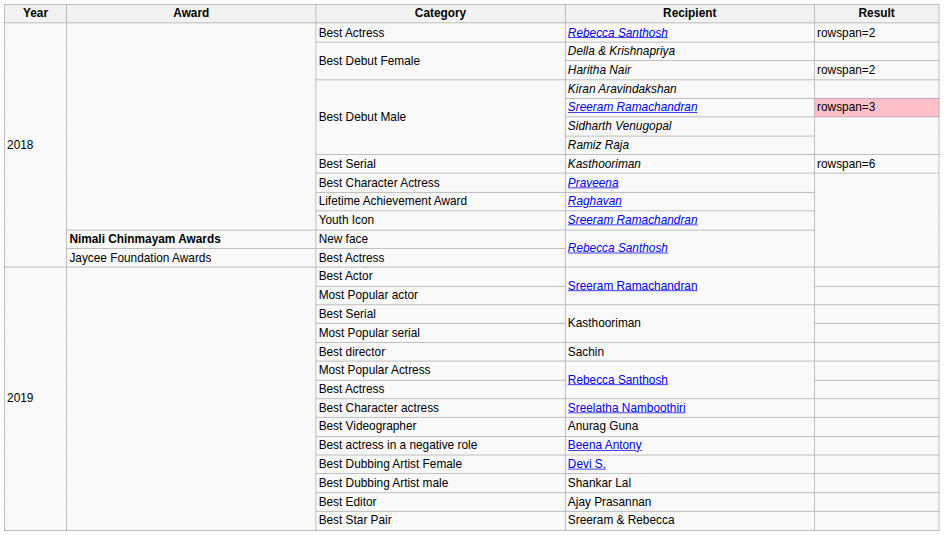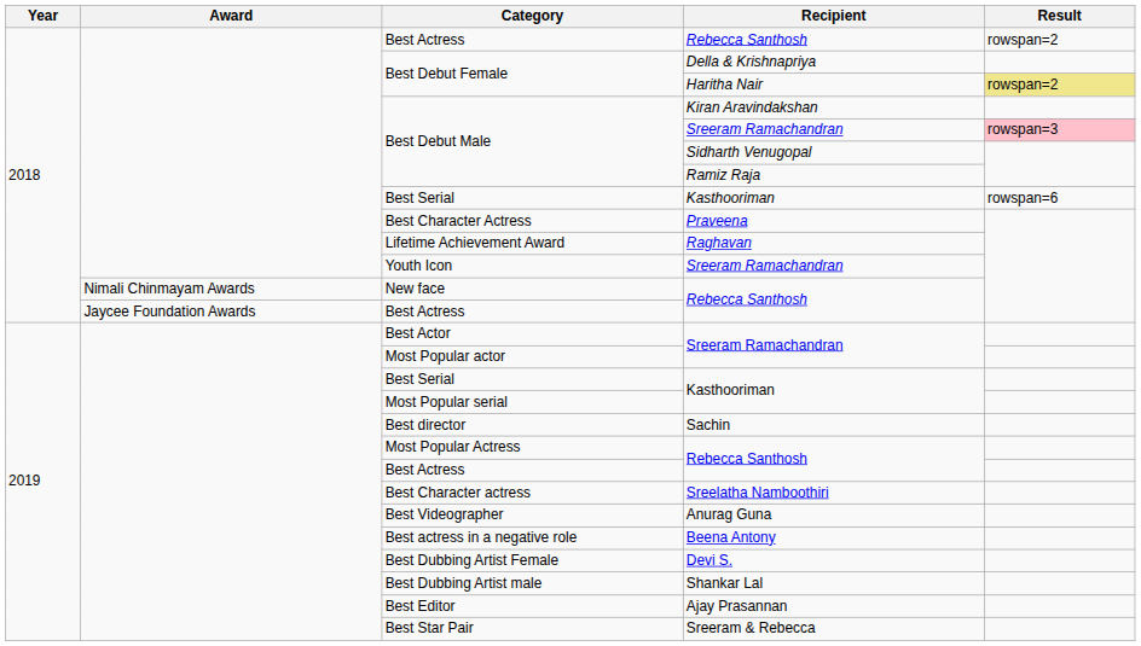 <table class="wikitable" width=100%>
 <tr>
 <th width=5%>Year</th>
 <th width=20%>Award</th>
 <th width=20%>Category</th>
 <th width=20%>Recipient</th>
 <th width=10%>Result</th>
 </tr>
 <tr>
 <td rowspan="13">2018</td>
 <td rowspan="11"></td>
 <td>Best Actress</td>
 <td><em><a href='#'>Rebecca Santhosh</a></em></td>
 <td>rowspan=2 </td>
 </tr>
 <tr>
 <td rowspan="2">Best Debut Female</td>
 <td><em>Della & Krishnapriya</em></td>
 </tr>
 <tr>
 <td><em>Haritha Nair</em></td>
-<td>rowspan=2 </td>
+<td style="background: khaki;">rowspan=2 </td>
 </tr>
 <tr>
 <td rowspan=4>Best Debut Male</td>
 <td><em>Kiran Aravindakshan</em></td>
 </tr>
 <tr>
 <td><em><a href='#'>Sreeram Ramachandran</a></em></td>
 <td style="background: pink;">rowspan=3 </td>
 </tr>
 <tr>
 <td><em>Sidharth Venugopal</em></td>
 </tr>
 <tr>
 <td><em>Ramiz Raja</em></td>
 </tr>
 <tr>
 <td>Best Serial</td>
 <td><em>Kasthooriman</em></td>
 <td>rowspan=6 </td>
 </tr>
 <tr>
 <td>Best Character Actress</td>
 <td><em><a href='#'>Praveena</a></em></td>
 </tr>
 <tr>
 <td>Lifetime Achievement Award</td>
 <td><em><a href='#'>Raghavan</a></em></td>
 </tr>
 <tr>
 <td>Youth Icon</td>
 <td><em><a href='#'>Sreeram Ramachandran</a></em></td>
 </tr>
 <tr>
-<td><strong>Nimali Chinmayam Awards</strong></td>
+<td>Nimali Chinmayam Awards</td>
 <td>New face</td>
 <td rowspan=2><em><a href='#'>Rebecca Santhosh</a></em></td>
 </tr>
 <tr>
 <td>Jaycee Foundation Awards</td>
 <td>Best Actress</td>
 </tr>
 <tr>
 <td rowspan="16">2019</td>
 <td rowspan="14"></td>
 <td>Best Actor</td>
 <td rowspan=2><a href='#'>Sreeram Ramachandran</a></td>
 <td></td>
 </tr>
 <tr>
 <td>Most Popular actor</td>
 <td></td>
 </tr>
 <tr>
 <td>Best Serial</td>
 <td rowspan=2>Kasthooriman</td>
 <td></td>
 </tr>
 <tr>
 <td>Most Popular serial</td>
 <td></td>
 </tr>
 <tr>
 <td>Best director</td>
 <td>Sachin</td>
 <td></td>
 </tr>
 <tr>
 <td>Most Popular Actress</td>
 <td rowspan=2><a href='#'>Rebecca Santhosh</a></td>
 <td></td>
 </tr>
 <tr>
 <td>Best Actress</td>
 <td></td>
 </tr>
 <tr>
 <td>Best Character actress</td>
 <td><a href='#'>Sreelatha Namboothiri</a></td>
 <td></td>
 </tr>
 <tr>
 <td>Best Videographer</td>
 <td>Anurag Guna</td>
 <td></td>
 </tr>
 <tr>
 <td>Best actress in a negative role</td>
 <td><a href='#'>Beena Antony</a></td>
 <td></td>
 </tr>
 <tr>
 <td>Best Dubbing Artist Female</td>
 <td><a href='#'>Devi S.</a></td>
 <td></td>
 </tr>
 <tr>
 <td>Best Dubbing Artist male</td>
 <td>Shankar Lal</td>
 <td></td>
 </tr>
 <tr>
 <td>Best Editor</td>
 <td>Ajay Prasannan</td>
 <td></td>
 </tr>
 <tr>
 <td>Best Star Pair</td>
 <td>Sreeram & Rebecca</td>
 <td></td>
 </tr>
 </table>
